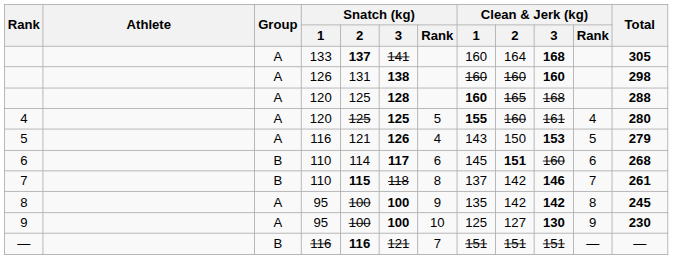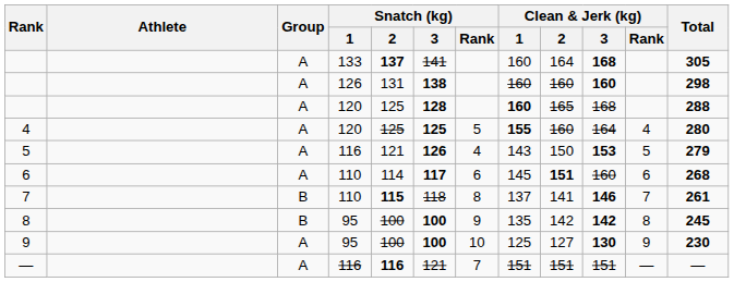 <table class = "wikitable" style="text-align:center;">
 <tr>
 <th rowspan=2 width=40>Rank</th>
 <th rowspan=2 width=250>Athlete</th>
 <th rowspan=2 width=50>Group</th>
 <th colspan=4>Snatch (kg)</th>
 <th colspan=4>Clean & Jerk (kg)</th>
 <th rowspan=2 width=60>Total</th>
 </tr>
 <tr>
 <th width=40>1</th>
 <th width=40>2</th>
 <th width=40>3</th>
 <th width=40>Rank</th>
 <th width=40>1</th>
 <th width=40>2</th>
 <th width=40>3</th>
 <th width=40>Rank</th>
 </tr>
 <tr>
 <td></td>
 <td align=left></td>
 <td>A</td>
 <td>133</td>
 <td><strong>137</strong></td>
 <td><s>141</s></td>
 <td></td>
 <td>160</td>
 <td>164</td>
 <td><strong>168</strong></td>
 <td></td>
 <td><strong>305</strong></td>
 </tr>
 <tr>
 <td></td>
 <td align=left></td>
 <td>A</td>
 <td>126</td>
 <td>131</td>
 <td><strong>138</strong></td>
 <td></td>
 <td><s>160</s></td>
 <td><s>160</s></td>
 <td><strong>160</strong></td>
 <td></td>
 <td><strong>298</strong></td>
 </tr>
 <tr>
 <td></td>
 <td align=left></td>
 <td>A</td>
 <td>120</td>
 <td>125</td>
 <td><strong>128</strong></td>
 <td></td>
 <td><strong>160</strong></td>
 <td><s>165</s></td>
 <td><s>168</s></td>
 <td></td>
 <td><strong>288</strong></td>
 </tr>
 <tr>
 <td>4</td>
 <td align=left></td>
 <td>A</td>
 <td>120</td>
 <td><s>125</s></td>
 <td><strong>125</strong></td>
 <td>5</td>
 <td><strong>155</strong></td>
 <td><s>160</s></td>
-<td><s>161</s></td>
+<td><s>164</s></td>
 <td>4</td>
 <td><strong>280</strong></td>
 </tr>
 <tr>
 <td>5</td>
 <td align=left></td>
 <td>A</td>
 <td>116</td>
 <td>121</td>
 <td><strong>126</strong></td>
 <td>4</td>
 <td>143</td>
 <td>150</td>
 <td><strong>153</strong></td>
 <td>5</td>
 <td><strong>279</strong></td>
 </tr>
 <tr>
 <td>6</td>
 <td align=left></td>
-<td>B</td>
+<td>A</td>
 <td>110</td>
 <td>114</td>
 <td><strong>117</strong></td>
 <td>6</td>
 <td>145</td>
 <td><strong>151</strong></td>
 <td><s>160</s></td>
 <td>6</td>
 <td><strong>268</strong></td>
 </tr>
 <tr>
 <td>7</td>
 <td align=left></td>
 <td>B</td>
 <td>110</td>
 <td><strong>115</strong></td>
 <td><s>118</s></td>
 <td>8</td>
 <td>137</td>
-<td>142</td>
+<td>141</td>
 <td><strong>146</strong></td>
 <td>7</td>
 <td><strong>261</strong></td>
 </tr>
 <tr>
 <td>8</td>
 <td align=left></td>
-<td>A</td>
+<td>B</td>
 <td>95</td>
 <td><s>100</s></td>
 <td><strong>100</strong></td>
 <td>9</td>
 <td>135</td>
 <td>142</td>
 <td><strong>142</strong></td>
 <td>8</td>
 <td><strong>245</strong></td>
 </tr>
 <tr>
 <td>9</td>
 <td align=left></td>
 <td>A</td>
 <td>95</td>
 <td><s>100</s></td>
 <td><strong>100</strong></td>
 <td>10</td>
 <td>125</td>
 <td>127</td>
 <td><strong>130</strong></td>
 <td>9</td>
 <td><strong>230</strong></td>
 </tr>
 <tr>
 <td>—</td>
 <td align=left></td>
-<td>B</td>
+<td>A</td>
 <td><s>116</s></td>
 <td><strong>116</strong></td>
 <td><s>121</s></td>
 <td>7</td>
 <td><s>151</s></td>
 <td><s>151</s></td>
 <td><s>151</s></td>
 <td>—</td>
 <td>—</td>
 </tr>
 </table>
